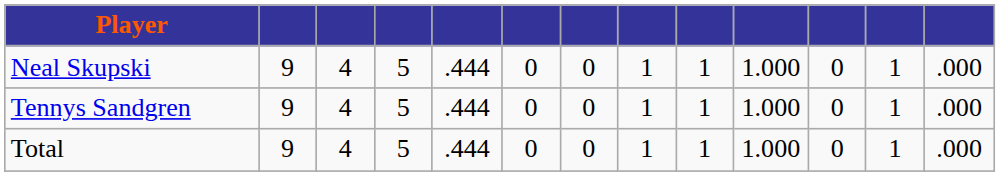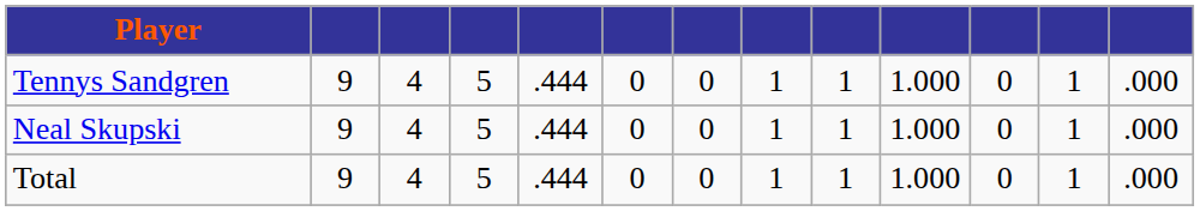 <table class="wikitable" style="text-align:center">
 <tr>
 <th style="background:#333399; color:#FF5800" width="200px">Player</th>
 <th style="background:#333399; color:#FF5800" width="40px"></th>
 <th style="background:#333399; color:#FF5800" width="40px"></th>
 <th style="background:#333399; color:#FF5800" width="40px"></th>
 <th style="background:#333399; color:#FF5800" width="40px"></th>
 <th style="background:#333399; color:#FF5800" width="40px"></th>
 <th style="background:#333399; color:#FF5800" width="40px"></th>
 <th style="background:#333399; color:#FF5800" width="40px"></th>
 <th style="background:#333399; color:#FF5800" width="40px"></th>
 <th style="background:#333399; color:#FF5800" width="40px"></th>
 <th style="background:#333399; color:#FF5800" width="40px"></th>
 <th style="background:#333399; color:#FF5800" width="40px"></th>
 <th style="background:#333399; color:#FF5800" width="40px"></th>
 </tr>
 <tr>
-<td style="text-align:left"><a href='#'>Neal Skupski</a></td>
+<td style="text-align:left"><a href='#'>Tennys Sandgren</a></td>
 <td>9</td>
 <td>4</td>
 <td>5</td>
 <td>.444</td>
 <td>0</td>
 <td>0</td>
 <td>1</td>
 <td>1</td>
 <td>1.000</td>
 <td>0</td>
 <td>1</td>
 <td>.000</td>
 </tr>
 <tr>
-<td style="text-align:left"><a href='#'>Tennys Sandgren</a></td>
+<td style="text-align:left"><a href='#'>Neal Skupski</a></td>
 <td>9</td>
 <td>4</td>
 <td>5</td>
 <td>.444</td>
 <td>0</td>
 <td>0</td>
 <td>1</td>
 <td>1</td>
 <td>1.000</td>
 <td>0</td>
 <td>1</td>
 <td>.000</td>
 </tr>
 <tr>
 <td style="text-align:left">Total</td>
 <td>9</td>
 <td>4</td>
 <td>5</td>
 <td>.444</td>
 <td>0</td>
 <td>0</td>
 <td>1</td>
 <td>1</td>
 <td>1.000</td>
 <td>0</td>
 <td>1</td>
 <td>.000</td>
 </tr>
 </table>
